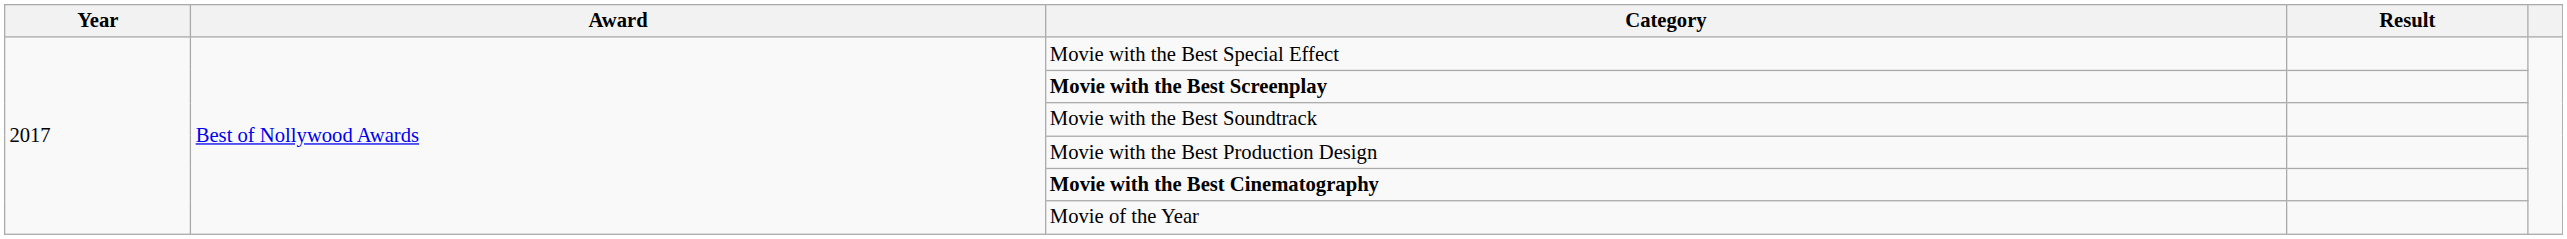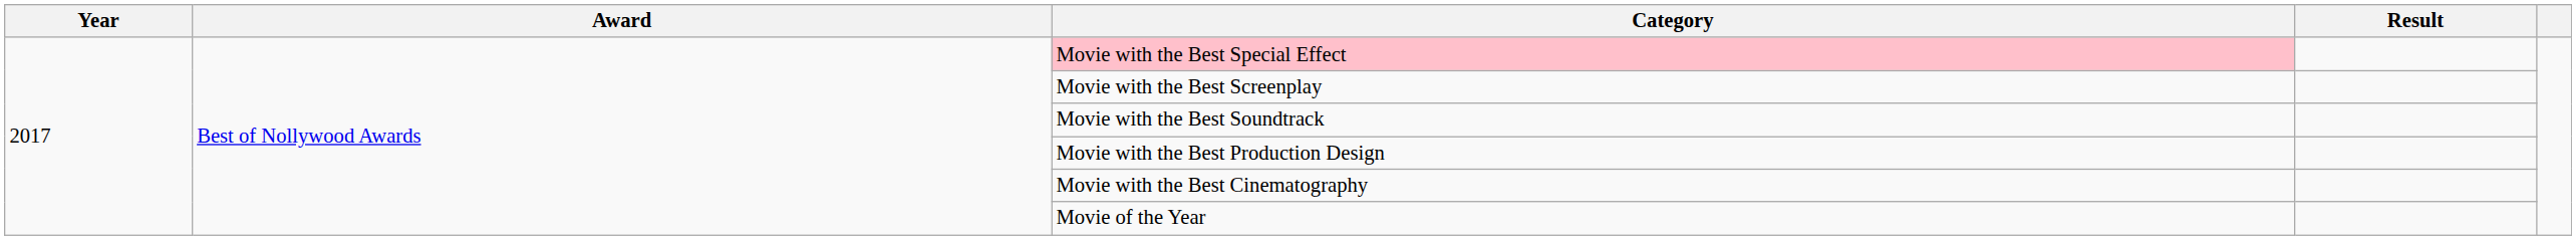 <table class="wikitable sortable" style="width:100%">
 <tr>
 <th>Year</th>
 <th>Award</th>
 <th>Category</th>
 <th>Result</th>
 <th></th>
 </tr>
 <tr>
 <td rowspan="6">2017</td>
 <td rowspan="6"><a href='#'>Best of Nollywood Awards</a></td>
-<td>Movie with the Best Special Effect</td>
+<td style="background: pink;">Movie with the Best Special Effect</td>
 <td></td>
 <td rowspan="6"></td>
 </tr>
 <tr>
-<td><strong>Movie with the Best Screenplay</strong></td>
+<td>Movie with the Best Screenplay</td>
 <td></td>
 </tr>
 <tr>
 <td>Movie with the Best Soundtrack</td>
 <td></td>
 </tr>
 <tr>
 <td>Movie with the Best Production Design</td>
 <td></td>
 </tr>
 <tr>
-<td><strong>Movie with the Best Cinematography</strong></td>
+<td>Movie with the Best Cinematography</td>
 <td></td>
 </tr>
 <tr>
 <td>Movie of the Year</td>
 <td></td>
 </tr>
 </table>
